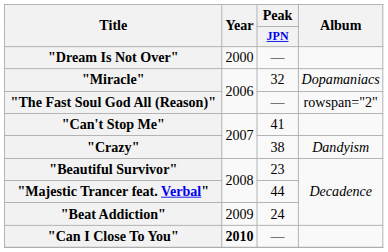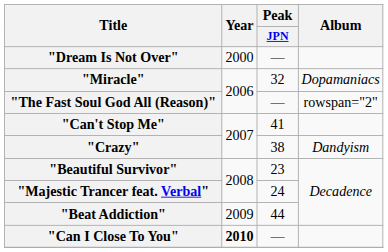 <table class="wikitable plainrowheaders" style="text-align:center;">
 <tr>
 <th scope="colw" rowspan="2" style="width:15em;">Title</th>
 <th scope="col" rowspan="2">Year</th>
 <th scope="col">Peak</th>
 <th scope="col" rowspan="2">Album</th>
 </tr>
 <tr>
 <th scope="col" style="width:3em;font-size:85%;"><a href='#'>JPN</a><br></th>
 </tr>
 <tr>
 <th scope="row">"Dream Is Not Over"</th>
 <td>2000</td>
 <td>—</td>
 <td></td>
 </tr>
 <tr>
 <th scope="row">"Miracle"</th>
 <td rowspan="2">2006</td>
 <td>32</td>
 <td><em>Dopamaniacs</em></td>
 </tr>
 <tr>
 <th scope="row">"The Fast Soul God All (Reason)"</th>
 <td>—</td>
 <td>rowspan="2" </td>
 </tr>
 <tr>
 <th scope="row">"Can't Stop Me"</th>
 <td rowspan="2">2007</td>
 <td>41</td>
 </tr>
 <tr>
 <th scope="row">"Crazy"</th>
 <td>38</td>
 <td><em>Dandyism</em></td>
 </tr>
 <tr>
 <th scope="row">"Beautiful Survivor"</th>
 <td rowspan="2">2008</td>
 <td>23</td>
 <td rowspan="3"><em>Decadence</em></td>
 </tr>
 <tr>
 <th scope="row">"Majestic Trancer feat. <a href='#'>Verbal</a>"</th>
-<td>44</td>
+<td>24</td>
 </tr>
 <tr>
 <th scope="row">"Beat Addiction"</th>
 <td>2009</td>
-<td>24</td>
+<td>44</td>
 </tr>
 <tr>
 <th scope="row">"Can I Close To You"</th>
 <td><strong>2010</strong></td>
 <td>—</td>
 <td></td>
 </tr>
 <tr>
 </tr>
 </table>
